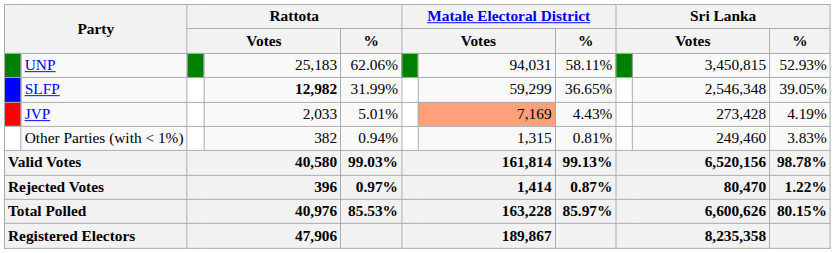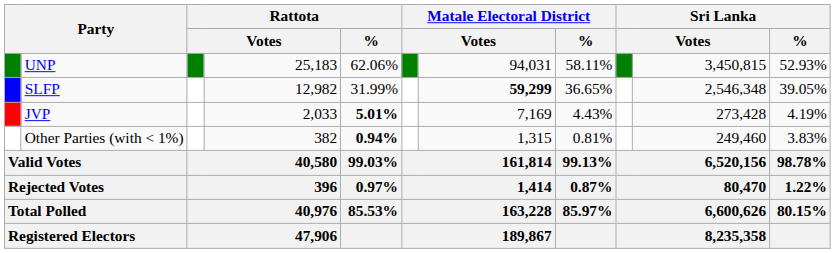 <table class="wikitable">
 <tr>
 <th colspan="2" width="144px"rowspan="2">Party</th>
 <th colspan="3" width="216px">Rattota</th>
 <th colspan="3" width="216px"><a href='#'>Matale Electoral District</a></th>
 <th colspan="3" width="216px">Sri Lanka</th>
 </tr>
 <tr>
 <th colspan="2" width="144px">Votes</th>
 <th>%</th>
 <th colspan="2" width="144px">Votes</th>
 <th>%</th>
 <th colspan="2" width="144px">Votes</th>
 <th>%</th>
 </tr>
 <tr>
 <td style="background-color:green;" width="10px"></td>
 <td style="text-align:left;"><a href='#'>UNP</a></td>
 <td style="background-color:green;" width="10px"></td>
 <td style="text-align:right;">25,183</td>
 <td style="text-align:right;">62.06%</td>
 <td style="background-color:green;" width="10px"></td>
 <td style="text-align:right;">94,031</td>
 <td style="text-align:right;">58.11%</td>
 <td style="background-color:green;" width="10px"></td>
 <td style="text-align:right;">3,450,815</td>
 <td style="text-align:right;">52.93%</td>
 </tr>
 <tr>
 <td style="background-color:blue;" width="10px"></td>
 <td style="text-align:left;"><a href='#'>SLFP</a></td>
 <td style="background-color:white;" width="10px"></td>
-<td style="text-align:right;"><strong>12,982</strong></td>
+<td style="text-align:right;">12,982</td>
 <td style="text-align:right;">31.99%</td>
 <td style="background-color:white;" width="10px"></td>
-<td style="text-align:right;">59,299</td>
+<td style="text-align:right;"><strong>59,299</strong></td>
 <td style="text-align:right;">36.65%</td>
 <td style="background-color:white;" width="10px"></td>
 <td style="text-align:right;">2,546,348</td>
 <td style="text-align:right;">39.05%</td>
 </tr>
 <tr>
 <td style="background-color:red;" width="10px"></td>
 <td style="text-align:left;"><a href='#'>JVP</a></td>
 <td style="background-color:white;" width="10px"></td>
 <td style="text-align:right;">2,033</td>
-<td style="text-align:right;">5.01%</td>
+<td style="text-align:right;"><strong>5.01%</strong></td>
 <td style="background-color:white;" width="10px"></td>
-<td style="background: lightsalmon; text-align:right;">7,169</td>
+<td style="text-align:right;">7,169</td>
 <td style="text-align:right;">4.43%</td>
 <td style="background-color:white;" width="10px"></td>
 <td style="text-align:right;">273,428</td>
 <td style="text-align:right;">4.19%</td>
 </tr>
 <tr>
 <td style="background-color:white;" width="10px"></td>
 <td style="text-align:left;">Other Parties (with < 1%)</td>
 <td style="background-color:white;" width="10px"></td>
 <td style="text-align:right;">382</td>
-<td style="text-align:right;">0.94%</td>
+<td style="text-align:right;"><strong>0.94%</strong></td>
 <td style="background-color:white;" width="10px"></td>
 <td style="text-align:right;">1,315</td>
 <td style="text-align:right;">0.81%</td>
 <td style="background-color:white;" width="10px"></td>
 <td style="text-align:right;">249,460</td>
 <td style="text-align:right;">3.83%</td>
 </tr>
 <tr>
 <th colspan="2" width="144px"style="text-align:left;">Valid Votes</th>
 <th style="text-align:right;"colspan="2" width="144px">40,580</th>
 <th style="text-align:right;">99.03%</th>
 <th style="text-align:right;"colspan="2" width="144px">161,814</th>
 <th style="text-align:right;">99.13%</th>
 <th style="text-align:right;"colspan="2" width="144px">6,520,156</th>
 <th style="text-align:right;">98.78%</th>
 </tr>
 <tr>
 <th colspan="2" width="144px"style="text-align:left;">Rejected Votes</th>
 <th style="text-align:right;"colspan="2" width="144px">396</th>
 <th style="text-align:right;">0.97%</th>
 <th style="text-align:right;"colspan="2" width="144px">1,414</th>
 <th style="text-align:right;">0.87%</th>
 <th style="text-align:right;"colspan="2" width="144px">80,470</th>
 <th style="text-align:right;">1.22%</th>
 </tr>
 <tr>
 <th colspan="2" width="144px"style="text-align:left;">Total Polled</th>
 <th style="text-align:right;"colspan="2" width="144px">40,976</th>
 <th style="text-align:right;">85.53%</th>
 <th style="text-align:right;"colspan="2" width="144px">163,228</th>
 <th style="text-align:right;">85.97%</th>
 <th style="text-align:right;"colspan="2" width="144px">6,600,626</th>
 <th style="text-align:right;">80.15%</th>
 </tr>
 <tr>
 <th colspan="2" width="144px"style="text-align:left;">Registered Electors</th>
 <th style="text-align:right;"colspan="2" width="144px">47,906</th>
 <th></th>
 <th style="text-align:right;"colspan="2" width="144px">189,867</th>
 <th></th>
 <th style="text-align:right;"colspan="2" width="144px">8,235,358</th>
 <th></th>
 </tr>
 </table>
